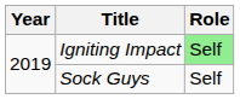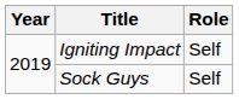 <table class="wikitable sortable">
 <tr>
 <th><strong>Year</strong></th>
 <th>Title</th>
 <th><strong>Role</strong></th>
 </tr>
 <tr>
 <td rowspan="2">2019</td>
 <td><em>Igniting Impact</em></td>
-<td style="background: lightgreen;">Self</td>
+<td>Self</td>
 </tr>
 <tr>
 <td><em>Sock Guys</em></td>
 <td>Self</td>
 </tr>
 </table>
